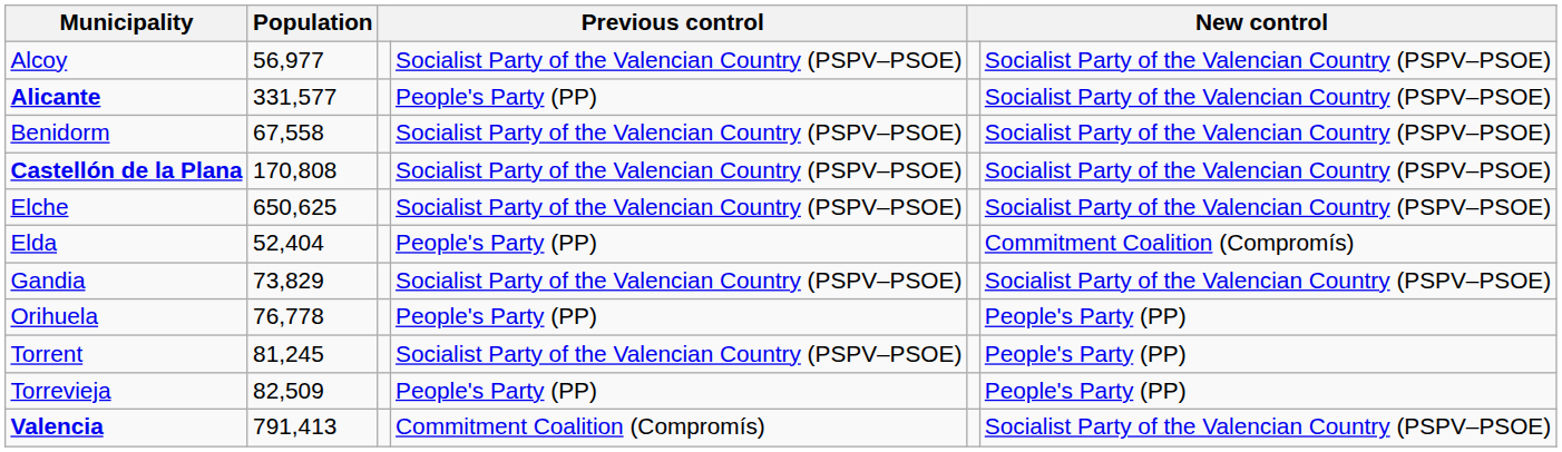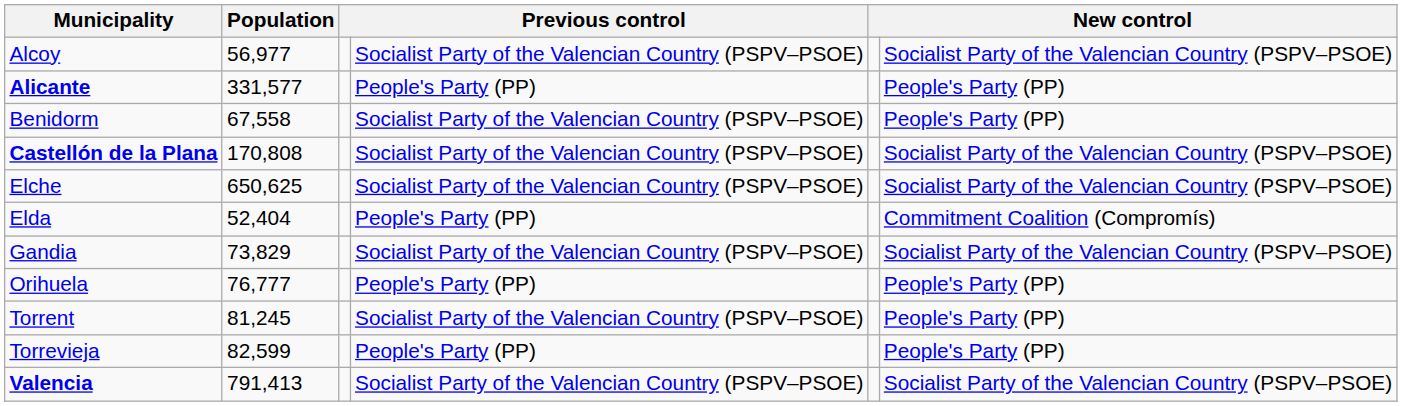 <table class="wikitable sortable">
 <tr>
 <th>Municipality</th>
 <th>Population</th>
 <th colspan="2" style="width:375px;">Previous control</th>
 <th colspan="2" style="width:375px;">New control</th>
 </tr>
 <tr>
 <td><a href='#'>Alcoy</a></td>
 <td>56,977</td>
 <td width="1" style="color:inherit;background:"></td>
 <td><a href='#'>Socialist Party of the Valencian Country</a> (PSPV–PSOE)</td>
 <td width="1" style="color:inherit;background:"></td>
 <td><a href='#'>Socialist Party of the Valencian Country</a> (PSPV–PSOE)</td>
 </tr>
 <tr>
 <td><strong><a href='#'>Alicante</a></strong></td>
 <td>331,577</td>
 <td style="color:inherit;background:"></td>
 <td><a href='#'>People's Party</a> (PP)</td>
 <td style="color:inherit;background:"></td>
-<td><a href='#'>Socialist Party of the Valencian Country</a> (PSPV–PSOE)</td>
+<td><a href='#'>People's Party</a> (PP)</td>
 </tr>
 <tr>
 <td><a href='#'>Benidorm</a></td>
 <td>67,558</td>
 <td style="color:inherit;background:"></td>
 <td><a href='#'>Socialist Party of the Valencian Country</a> (PSPV–PSOE)</td>
 <td style="color:inherit;background:"></td>
-<td><a href='#'>Socialist Party of the Valencian Country</a> (PSPV–PSOE)</td>
+<td><a href='#'>People's Party</a> (PP)</td>
 </tr>
 <tr>
 <td><strong><a href='#'>Castellón de la Plana</a></strong></td>
 <td>170,808</td>
 <td style="color:inherit;background:"></td>
 <td><a href='#'>Socialist Party of the Valencian Country</a> (PSPV–PSOE)</td>
 <td style="color:inherit;background:"></td>
 <td><a href='#'>Socialist Party of the Valencian Country</a> (PSPV–PSOE)</td>
 </tr>
 <tr>
 <td><a href='#'>Elche</a></td>
 <td>650,625</td>
 <td style="color:inherit;background:"></td>
 <td><a href='#'>Socialist Party of the Valencian Country</a> (PSPV–PSOE)</td>
 <td style="color:inherit;background:"></td>
 <td><a href='#'>Socialist Party of the Valencian Country</a> (PSPV–PSOE)</td>
 </tr>
 <tr>
 <td><a href='#'>Elda</a></td>
 <td>52,404</td>
 <td style="color:inherit;background:"></td>
 <td><a href='#'>People's Party</a> (PP)</td>
 <td style="color:inherit;background:"></td>
 <td><a href='#'>Commitment Coalition</a> (Compromís)</td>
 </tr>
 <tr>
 <td><a href='#'>Gandia</a></td>
 <td>73,829</td>
 <td style="color:inherit;background:"></td>
 <td><a href='#'>Socialist Party of the Valencian Country</a> (PSPV–PSOE)</td>
 <td style="color:inherit;background:"></td>
 <td><a href='#'>Socialist Party of the Valencian Country</a> (PSPV–PSOE)</td>
 </tr>
 <tr>
 <td><a href='#'>Orihuela</a></td>
-<td>76,778</td>
+<td>76,777</td>
 <td style="color:inherit;background:"></td>
 <td><a href='#'>People's Party</a> (PP)</td>
 <td style="color:inherit;background:"></td>
 <td><a href='#'>People's Party</a> (PP)  </td>
 </tr>
 <tr>
 <td><a href='#'>Torrent</a></td>
 <td>81,245</td>
 <td style="color:inherit;background:"></td>
 <td><a href='#'>Socialist Party of the Valencian Country</a> (PSPV–PSOE)</td>
 <td style="color:inherit;background:"></td>
 <td><a href='#'>People's Party</a> (PP)</td>
 </tr>
 <tr>
 <td><a href='#'>Torrevieja</a></td>
-<td>82,509</td>
+<td>82,599</td>
 <td style="color:inherit;background:"></td>
 <td><a href='#'>People's Party</a> (PP)</td>
 <td style="color:inherit;background:"></td>
 <td><a href='#'>People's Party</a> (PP)</td>
 </tr>
 <tr>
 <td><strong><a href='#'>Valencia</a></strong></td>
 <td>791,413</td>
 <td style="color:inherit;background:"></td>
-<td><a href='#'>Commitment Coalition</a> (Compromís)</td>
+<td><a href='#'>Socialist Party of the Valencian Country</a> (PSPV–PSOE)</td>
 <td style="color:inherit;background:"></td>
 <td><a href='#'>Socialist Party of the Valencian Country</a> (PSPV–PSOE)</td>
 </tr>
 </table>
